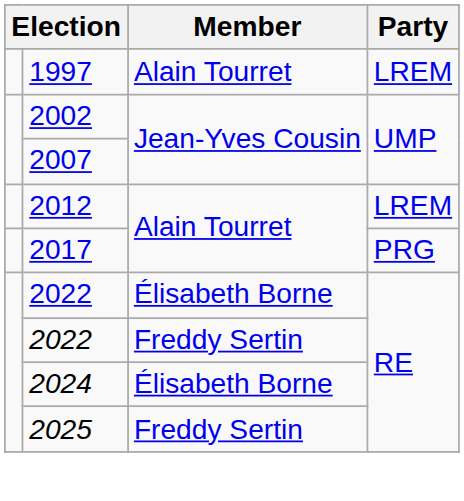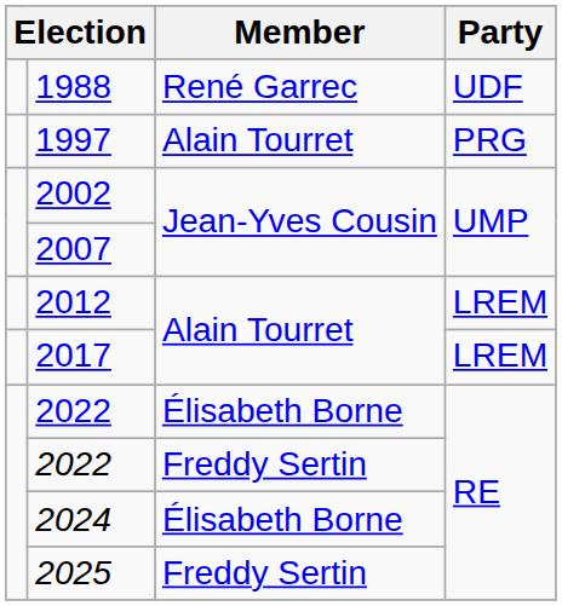 <table class="wikitable">
 <tr>
 <th colspan="2">Election</th>
 <th>Member</th>
 <th>Party</th>
 </tr>
 <tr>
 <td style="color:inherit;background-color: "></td>
+<td><a href='#'>1988</a></td>
+<td><a href='#'>René Garrec</a></td>
+<td><a href='#'>UDF</a></td>
+</tr>
+<tr>
+<td style="color:inherit;background-color: "></td>
 <td><a href='#'>1997</a></td>
 <td><a href='#'>Alain Tourret</a></td>
-<td><a href='#'>LREM</a></td>
+<td><a href='#'>PRG</a></td>
 </tr>
 <tr>
 <td rowspan=2 style="color:inherit;background-color: "></td>
 <td><a href='#'>2002</a></td>
 <td rowspan=2><a href='#'>Jean-Yves Cousin</a></td>
 <td rowspan=2><a href='#'>UMP</a></td>
 </tr>
 <tr>
 <td><a href='#'>2007</a></td>
 </tr>
 <tr>
 <td style="color:inherit;background-color: "></td>
 <td><a href='#'>2012</a></td>
 <td rowspan="2"><a href='#'>Alain Tourret</a></td>
 <td><a href='#'>LREM</a></td>
 </tr>
 <tr>
 <td style="color:inherit;background-color: "></td>
 <td><a href='#'>2017</a></td>
-<td><a href='#'>PRG</a></td>
+<td><a href='#'>LREM</a></td>
 </tr>
 <tr>
 <td rowspan="4" style="color:inherit;background-color: "></td>
 <td><a href='#'>2022</a></td>
 <td><a href='#'>Élisabeth Borne</a></td>
 <td rowspan="4"><a href='#'>RE</a></td>
 </tr>
 <tr>
 <td><em>2022</em></td>
 <td><a href='#'>Freddy Sertin</a></td>
 </tr>
 <tr>
 <td><em>2024</em></td>
 <td><a href='#'>Élisabeth Borne</a></td>
 </tr>
 <tr>
 <td><em>2025</em></td>
 <td><a href='#'>Freddy Sertin</a></td>
 </tr>
 </table>
